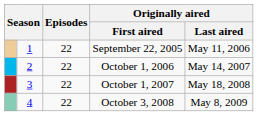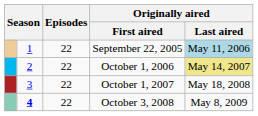 <table class="wikitable plainrowheaders" style="text-align:center;">
 <tr>
 <th colspan="2" rowspan="2">Season</th>
 <th rowspan="2">Episodes</th>
 <th colspan="2">Originally aired</th>
 </tr>
 <tr>
 <th>First aired</th>
 <th>Last aired</th>
 </tr>
 <tr>
 <td style="background: #eecd9a;"></td>
 <td><a href='#'>1</a></td>
 <td>22</td>
 <td>September 22, 2005</td>
-<td>May 11, 2006</td>
+<td style="background: lightblue;">May 11, 2006</td>
 </tr>
 <tr>
 <td style="background: #00b7eb;"></td>
 <td><a href='#'>2</a></td>
 <td>22</td>
 <td>October 1, 2006</td>
-<td>May 14, 2007</td>
+<td style="background: khaki;">May 14, 2007</td>
 </tr>
 <tr>
 <td style="background: #AC2123;"></td>
 <td><a href='#'>3</a></td>
 <td>22</td>
 <td>October 1, 2007</td>
 <td>May 18, 2008</td>
 </tr>
 <tr>
 <td style="background: #87cdb5;"></td>
-<td><a href='#'>4</a></td>
+<td><strong><a href='#'>4</a></strong></td>
 <td>22</td>
 <td>October 3, 2008</td>
 <td>May 8, 2009</td>
 </tr>
 </table>
